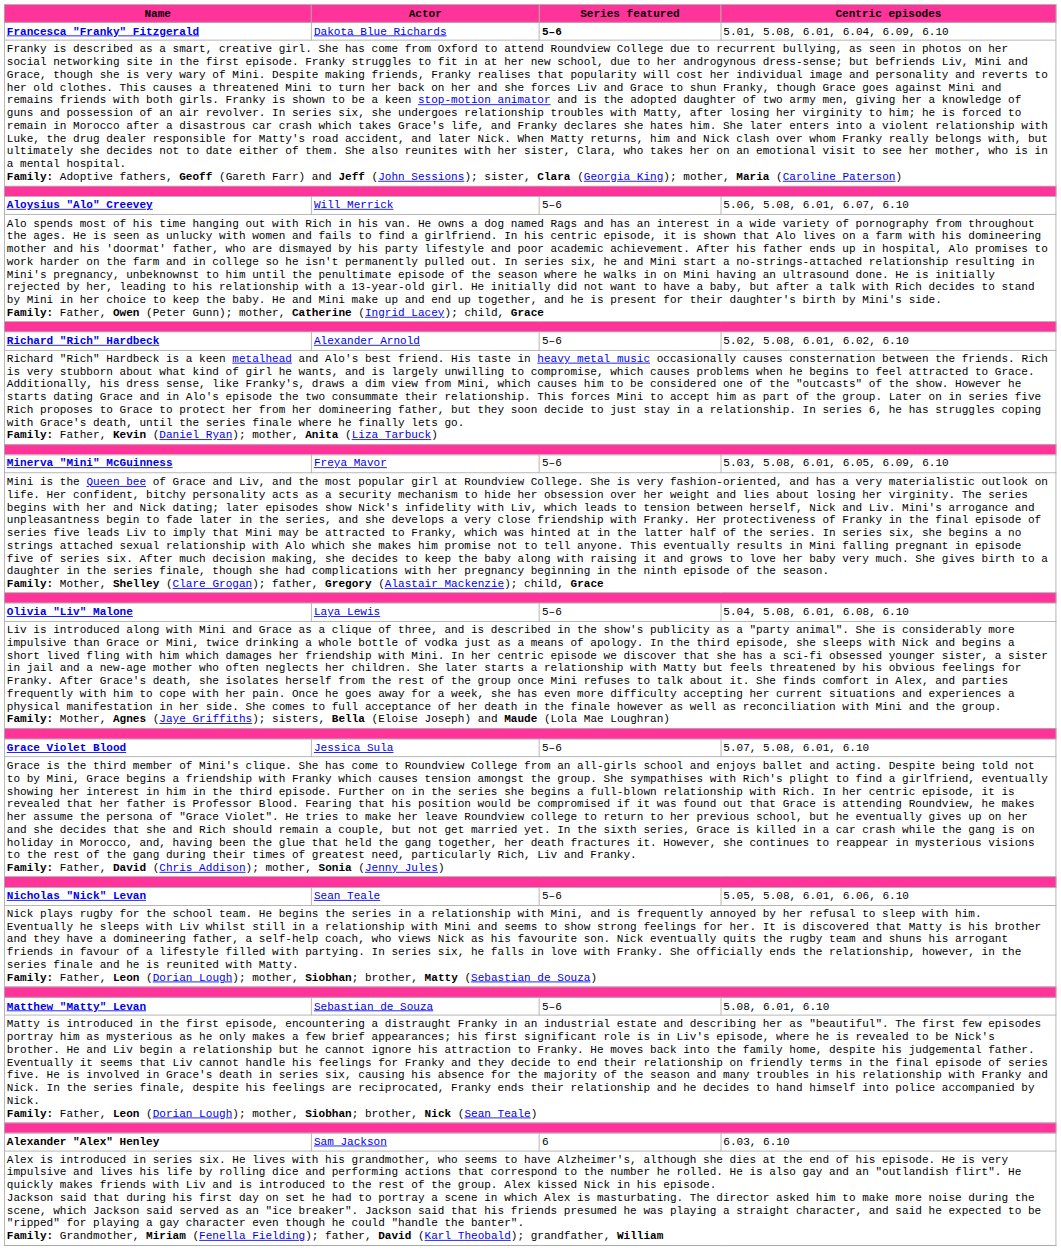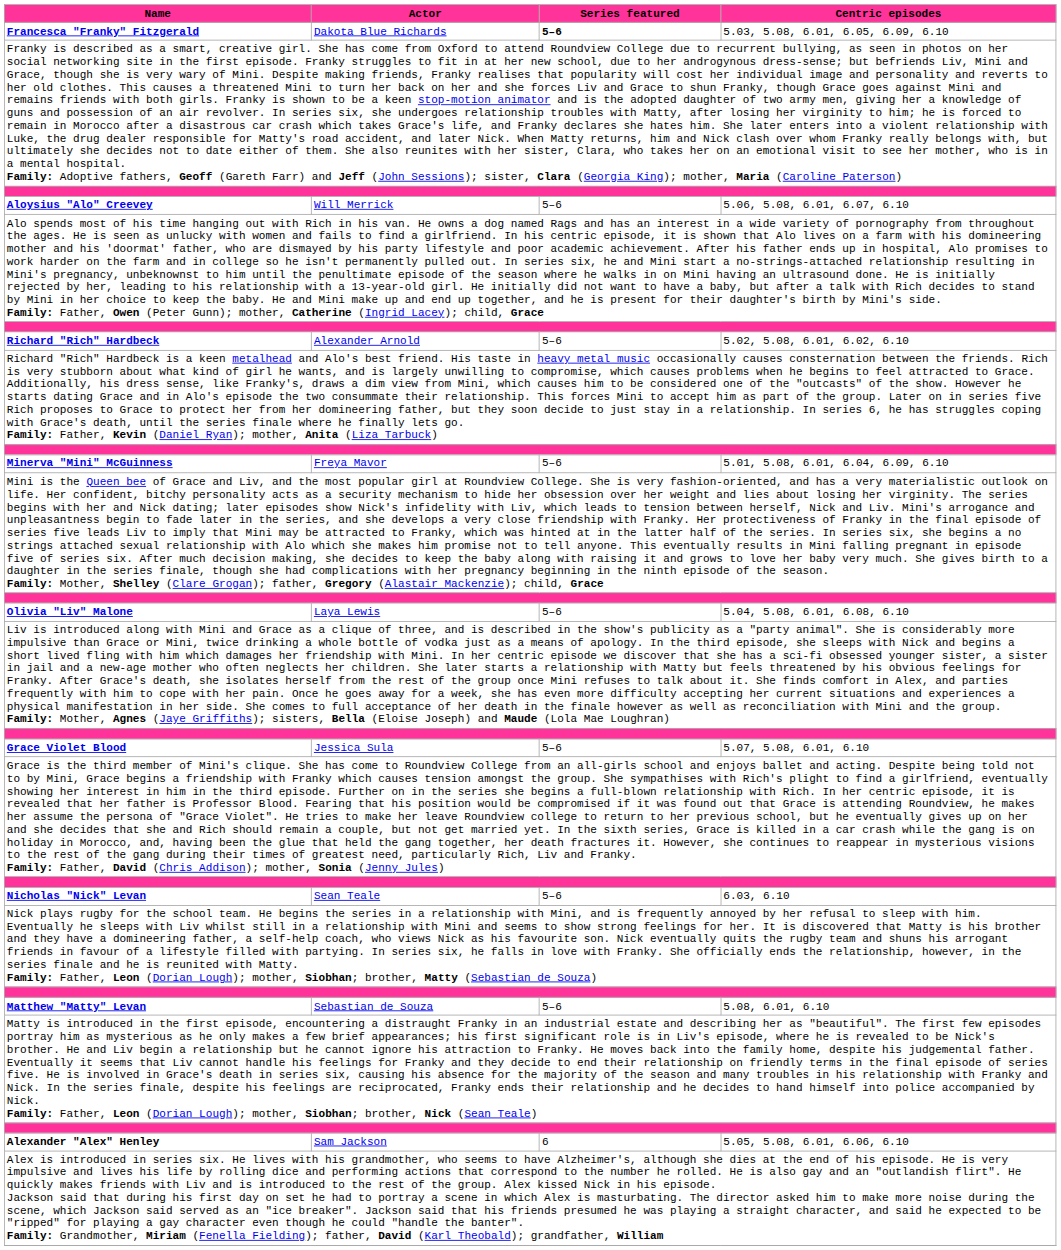 <table class="wikitable" style="width:98%; margin:auto; background-color:#FFFFFF">
 <tr style="color:black">
 <th style="background-color: #FF3399;">Name</th>
 <th style="background-color: #FF3399;">Actor</th>
 <th style="background-color: #FF3399;">Series featured</th>
 <th style="background-color: #FF3399;">Centric episodes</th>
 </tr>
 <tr>
 <td><strong><a href='#'>Francesca "Franky" Fitzgerald</a></strong></td>
 <td><a href='#'>Dakota Blue Richards</a></td>
 <td><strong>5–6</strong></td>
-<td>5.01, 5.08, 6.01, 6.04, 6.09, 6.10</td>
+<td>5.03, 5.08, 6.01, 6.05, 6.09, 6.10</td>
 </tr>
 <tr>
 <td colspan="4" height="6">Franky is described as a smart, creative girl. She has come from Oxford to attend Roundview College due to recurrent bullying, as seen in photos on her social networking site in the first episode. Franky struggles to fit in at her new school, due to her androgynous dress-sense; but befriends Liv, Mini and Grace, though she is very wary of Mini. Despite making friends, Franky realises that popularity will cost her individual image and personality and reverts to her old clothes. This causes a threatened Mini to turn her back on her and she forces Liv and Grace to shun Franky, though Grace goes against Mini and remains friends with both girls. Franky is shown to be a keen <a href='#'>stop-motion animator</a> and is the adopted daughter of two army men, giving her a knowledge of guns and possession of an air revolver. In series six, she undergoes relationship troubles with Matty, after losing her virginity to him; he is forced to remain in Morocco after a disastrous car crash which takes Grace's life, and Franky declares she hates him. She later enters into a violent relationship with Luke, the drug dealer responsible for Matty's road accident, and later Nick. When Matty returns, him and Nick clash over whom Franky really belongs with, but ultimately she decides not to date either of them. She also reunites with her sister, Clara, who takes her on an emotional visit to see her mother, who is in a mental hospital.<br><strong>Family:</strong> Adoptive fathers, <strong>Geoff</strong> (Gareth Farr) and <strong>Jeff</strong> (<a href='#'>John Sessions</a>); sister, <strong>Clara</strong> (<a href='#'>Georgia King</a>); mother, <strong>Maria</strong> (<a href='#'>Caroline Paterson</a>)</td>
 </tr>
 <tr>
 <td colspan="4" height="6" bgcolor="#FF3399"></td>
 </tr>
 <tr>
 <td><strong><a href='#'>Aloysius "Alo" Creevey</a></strong></td>
 <td><a href='#'>Will Merrick</a></td>
 <td>5–6</td>
 <td>5.06, 5.08, 6.01, 6.07, 6.10</td>
 </tr>
 <tr>
 <td colspan="4" height="6">Alo spends most of his time hanging out with Rich in his van. He owns a dog named Rags and has an interest in a wide variety of pornography from throughout the ages. He is seen as unlucky with women and fails to find a girlfriend. In his centric episode, it is shown that Alo lives on a farm with his domineering mother and his 'doormat' father, who are dismayed by his party lifestyle and poor academic achievement. After his father ends up in hospital, Alo promises to work harder on the farm and in college so he isn't permanently pulled out. In series six, he and Mini start a no-strings-attached relationship resulting in Mini's pregnancy, unbeknownst to him until the penultimate episode of the season where he walks in on Mini having an ultrasound done. He is initially rejected by her, leading to his relationship with a 13-year-old girl. He initially did not want to have a baby, but after a talk with Rich decides to stand by Mini in her choice to keep the baby. He and Mini make up and end up together, and he is present for their daughter's birth by Mini's side.<br><strong>Family:</strong> Father, <strong>Owen</strong> (Peter Gunn); mother, <strong>Catherine</strong> (<a href='#'>Ingrid Lacey</a>); child, <strong>Grace</strong></td>
 </tr>
 <tr>
 <td colspan="4" height="6" bgcolor="#FF3399"></td>
 </tr>
 <tr>
 <td><strong><a href='#'>Richard "Rich" Hardbeck</a></strong></td>
 <td><a href='#'>Alexander Arnold</a></td>
 <td>5–6</td>
 <td>5.02, 5.08, 6.01, 6.02, 6.10</td>
 </tr>
 <tr>
 <td colspan="4" height="6">Richard "Rich" Hardbeck is a keen <a href='#'>metalhead</a> and Alo's best friend. His taste in <a href='#'>heavy metal music</a> occasionally causes consternation between the friends. Rich is very stubborn about what kind of girl he wants, and is largely unwilling to compromise, which causes problems when he begins to feel attracted to Grace. Additionally, his dress sense, like Franky's, draws a dim view from Mini, which causes him to be considered one of the "outcasts" of the show. However he starts dating Grace and in Alo's episode the two consummate their relationship. This forces Mini to accept him as part of the group. Later on in series five Rich proposes to Grace to protect her from her domineering father, but they soon decide to just stay in a relationship. In series 6, he has struggles coping with Grace's death, until the series finale where he finally lets go.<br><strong>Family:</strong> Father, <strong>Kevin</strong> (<a href='#'>Daniel Ryan</a>); mother, <strong>Anita</strong> (<a href='#'>Liza Tarbuck</a>)</td>
 </tr>
 <tr>
 <td colspan="4" height="6" bgcolor="#FF3399"></td>
 </tr>
 <tr>
 <td><strong><a href='#'>Minerva "Mini" McGuinness</a></strong></td>
 <td><a href='#'>Freya Mavor</a></td>
 <td>5–6</td>
-<td>5.03, 5.08, 6.01, 6.05, 6.09, 6.10</td>
+<td>5.01, 5.08, 6.01, 6.04, 6.09, 6.10</td>
 </tr>
 <tr>
 <td colspan="4" height="6">Mini is the <a href='#'>Queen bee</a> of Grace and Liv, and the most popular girl at Roundview College. She is very fashion-oriented, and has a very materialistic outlook on life. Her confident, bitchy personality acts as a security mechanism to hide her obsession over her weight and lies about losing her virginity. The series begins with her and Nick dating; later episodes show Nick's infidelity with Liv, which leads to tension between herself, Nick and Liv. Mini's arrogance and unpleasantness begin to fade later in the series, and she develops a very close friendship with Franky. Her protectiveness of Franky in the final episode of series five leads Liv to imply that Mini may be attracted to Franky, which was hinted at in the latter half of the series. In series six, she begins a no strings attached sexual relationship with Alo which she makes him promise not to tell anyone. This eventually results in Mini falling pregnant in episode five of series six. After much decision making, she decides to keep the baby along with raising it and grows to love her baby very much. She gives birth to a daughter in the series finale, though she had complications with her pregnancy beginning in the ninth episode of the season.<br><strong>Family:</strong> Mother, <strong>Shelley</strong> (<a href='#'>Clare Grogan</a>); father, <strong>Gregory</strong> (<a href='#'>Alastair Mackenzie</a>); child,<strong> Grace</strong></td>
 </tr>
 <tr>
 <td colspan="4" height="6" bgcolor="#FF3399"></td>
 </tr>
 <tr>
 <td><strong><a href='#'>Olivia "Liv" Malone</a></strong></td>
 <td><a href='#'>Laya Lewis</a></td>
 <td>5–6</td>
 <td>5.04, 5.08, 6.01, 6.08, 6.10</td>
 </tr>
 <tr>
 <td colspan="4" height="6">Liv is introduced along with Mini and Grace as a clique of three, and is described in the show's publicity as a "party animal". She is considerably more impulsive than Grace or Mini, twice drinking a whole bottle of vodka just as a means of apology. In the third episode, she sleeps with Nick and begins a short lived fling with him which damages her friendship with Mini. In her centric episode we discover that she has a sci-fi obsessed younger sister, a sister in jail and a new-age mother who often neglects her children. She later starts a relationship with Matty but feels threatened by his obvious feelings for Franky. After Grace's death, she isolates herself from the rest of the group once Mini refuses to talk about it. She finds comfort in Alex, and parties frequently with him to cope with her pain. Once he goes away for a week, she has even more difficulty accepting her current situations and experiences a physical manifestation in her side. She comes to full acceptance of her death in the finale however as well as reconciliation with Mini and the group.<br><strong>Family:</strong> Mother, <strong>Agnes</strong> (<a href='#'>Jaye Griffiths</a>); sisters, <strong>Bella</strong> (Eloise Joseph) and <strong>Maude</strong> (Lola Mae Loughran)</td>
 </tr>
 <tr>
 <td colspan="4" height="6" bgcolor="#FF3399"></td>
 </tr>
 <tr>
 <td><strong><a href='#'>Grace Violet Blood</a></strong></td>
 <td><a href='#'>Jessica Sula</a></td>
 <td>5–6</td>
 <td>5.07, 5.08, 6.01, 6.10</td>
 </tr>
 <tr>
 <td colspan="4" height="6">Grace is the third member of Mini's clique. She has come to Roundview College from an all-girls school and enjoys ballet and acting. Despite being told not to by Mini, Grace begins a friendship with Franky which causes tension amongst the group. She sympathises with Rich's plight to find a girlfriend, eventually showing her interest in him in the third episode. Further on in the series she begins a full-blown relationship with Rich. In her centric episode, it is revealed that her father is Professor Blood. Fearing that his position would be compromised if it was found out that Grace is attending Roundview, he makes her assume the persona of "Grace Violet". He tries to make her leave Roundview college to return to her previous school, but he eventually gives up on her and she decides that she and Rich should remain a couple, but not get married yet. In the sixth series, Grace is killed in a car crash while the gang is on holiday in Morocco, and, having been the glue that held the gang together, her death fractures it. However, she continues to reappear in mysterious visions to the rest of the gang during their times of greatest need, particularly Rich, Liv and Franky.<br><strong>Family:</strong> Father, <strong>David</strong> (<a href='#'>Chris Addison</a>); mother, <strong>Sonia</strong> (<a href='#'>Jenny Jules</a>)</td>
 </tr>
 <tr>
 <td colspan="4" height="6" bgcolor="#FF3399"></td>
 </tr>
 <tr>
 <td><strong><a href='#'>Nicholas "Nick" Levan</a></strong></td>
 <td><a href='#'>Sean Teale</a></td>
 <td>5–6</td>
-<td>5.05, 5.08, 6.01, 6.06, 6.10</td>
+<td>6.03, 6.10</td>
 </tr>
 <tr>
 <td colspan="4" height="6">Nick plays rugby for the school team. He begins the series in a relationship with Mini, and is frequently annoyed by her refusal to sleep with him. Eventually he sleeps with Liv whilst still in a relationship with Mini and seems to show strong feelings for her. It is discovered that Matty is his brother and they have a domineering father, a self-help coach, who views Nick as his favourite son. Nick eventually quits the rugby team and shuns his arrogant friends in favour of a lifestyle filled with partying. In series six, he falls in love with Franky. She officially ends the relationship, however, in the series finale and he is reunited with Matty.<br><strong>Family:</strong> Father, <strong>Leon</strong> (<a href='#'>Dorian Lough</a>); mother, <strong>Siobhan</strong>; brother, <strong>Matty</strong> (<a href='#'>Sebastian de Souza</a>)</td>
 </tr>
 <tr>
 <td colspan="4" height="6" bgcolor="#FF3399"></td>
 </tr>
 <tr>
 <td><strong><a href='#'>Matthew "Matty" Levan</a></strong></td>
 <td><a href='#'>Sebastian de Souza</a></td>
 <td>5–6</td>
 <td>5.08, 6.01, 6.10</td>
 </tr>
 <tr>
 <td colspan="4" height="6">Matty is introduced in the first episode, encountering a distraught Franky in an industrial estate and describing her as "beautiful". The first few episodes portray him as mysterious as he only makes a few brief appearances; his first significant role is in Liv's episode, where he is revealed to be Nick's brother. He and Liv begin a relationship but he cannot ignore his attraction to Franky. He moves back into the family home, despite his judgemental father. Eventually it seems that Liv cannot handle his feelings for Franky and they decide to end their relationship on friendly terms in the final episode of series five. He is involved in Grace's death in series six, causing his absence for the majority of the season and many troubles in his relationship with Franky and Nick. In the series finale, despite his feelings are reciprocated, Franky ends their relationship and he decides to hand himself into police accompanied by Nick.<br><strong>Family:</strong> Father, <strong>Leon</strong> (<a href='#'>Dorian Lough</a>); mother, <strong>Siobhan</strong>; brother, <strong>Nick</strong> (<a href='#'>Sean Teale</a>)</td>
 </tr>
 <tr>
 <td colspan="4" height="6" bgcolor="#FF3399"></td>
 </tr>
 <tr>
 <td><strong>Alexander "Alex" Henley</strong></td>
 <td><a href='#'>Sam Jackson</a></td>
 <td>6</td>
-<td>6.03, 6.10</td>
+<td>5.05, 5.08, 6.01, 6.06, 6.10</td>
 </tr>
 <tr>
 <td colspan="4" height="6">Alex is introduced in series six. He lives with his grandmother, who seems to have Alzheimer's, although she dies at the end of his episode. He is very impulsive and lives his life by rolling dice and performing actions that correspond to the number he rolled. He is also gay and an "outlandish flirt". He quickly makes friends with Liv and is introduced to the rest of the group. Alex kissed Nick in his episode.<br>Jackson said that during his first day on set he had to portray a scene in which Alex is masturbating. The director asked him to make more noise during the scene, which Jackson said served as an "ice breaker". Jackson said that his friends presumed he was playing a straight character, and said he expected to be "ripped" for playing a gay character even though he could "handle the banter".<br><strong>Family:</strong> Grandmother, <strong>Miriam</strong> (<a href='#'>Fenella Fielding</a>); father, <strong>David</strong> (<a href='#'>Karl Theobald</a>); grandfather, <strong>William</strong></td>
 </tr>
 <tr>
 </tr>
 </table>
